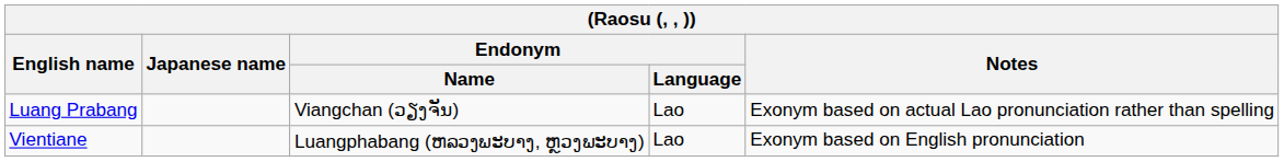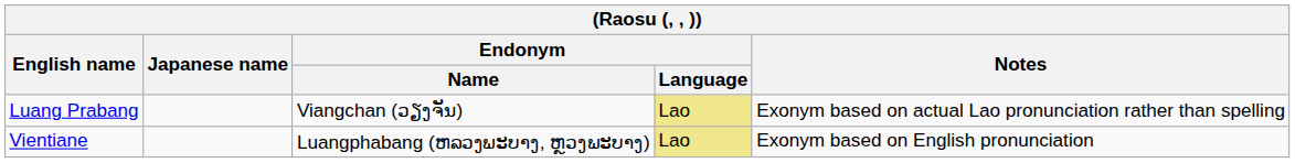 <table class="wikitable sortable">
 <tr>
 <th colspan="5"> (Raosu (, , ))</th>
 </tr>
 <tr>
 <th rowspan="2">English name</th>
 <th rowspan="2">Japanese name</th>
 <th colspan="2">Endonym</th>
 <th rowspan="2">Notes</th>
 </tr>
 <tr>
 <th>Name</th>
 <th>Language</th>
 </tr>
 <tr>
 <td><a href='#'>Luang Prabang</a></td>
 <td></td>
 <td>Viangchan (ວຽງຈັນ)</td>
-<td>Lao</td>
+<td style="background: khaki;">Lao</td>
 <td>Exonym based on actual Lao pronunciation rather than spelling</td>
 </tr>
 <tr>
 <td><a href='#'>Vientiane</a></td>
 <td></td>
 <td>Luangphabang (ຫລວງພະບາງ, ຫຼວງພະບາງ)</td>
-<td>Lao</td>
+<td style="background: khaki;">Lao</td>
 <td>Exonym based on English pronunciation</td>
 </tr>
 </table>
